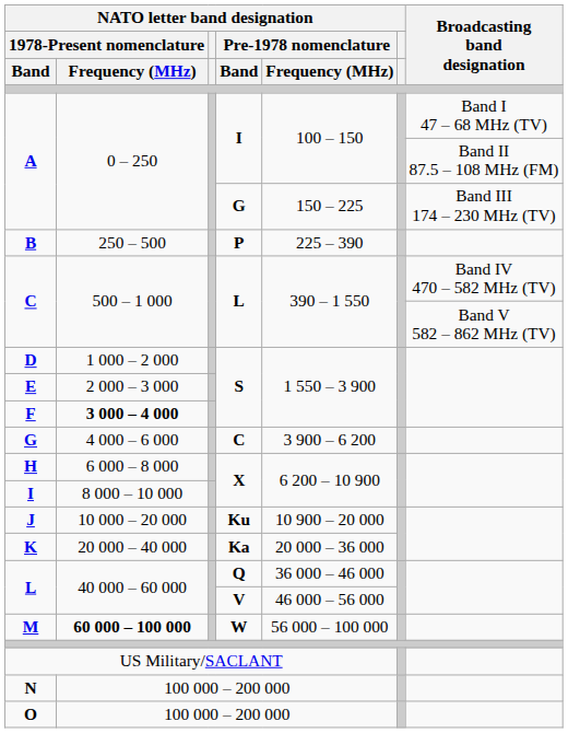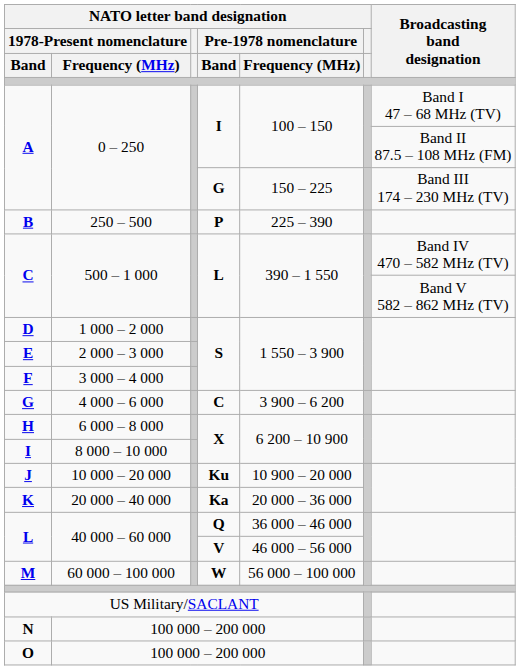 <table class=wikitable>
 <tr>
 <th colspan="6">NATO letter band designation</th>
 <th colspan="2" rowspan="3" align="left">Broadcasting<br>band<br>designation</th>
 </tr>
 <tr align="center">
 <th colspan="2">1978-Present nomenclature</th>
 <th bgcolor="#CCCCCC"></th>
 <th colspan="2">Pre-1978 nomenclature</th>
 <th bgcolor="#CCCCCC"></th>
 </tr>
 <tr align="center">
 <th>Band</th>
 <th>Frequency (<a href='#'>MHz</a>)</th>
 <th bgcolor="#CCCCCC"></th>
 <th>Band</th>
 <th>Frequency (MHz)</th>
 <th bgcolor="#CCCCCC"></th>
 </tr>
 <tr bgcolor="#CCCCCC" align="center">
 <td colspan="7"></td>
 </tr>
 <tr align="center">
 <td rowspan="3"><a href='#'><strong>A</strong></a></td>
 <td rowspan="3">0 – 250</td>
 <td bgcolor="#CCCCCC" rowspan="3"></td>
 <td rowspan="2"><strong>I</strong></td>
 <td rowspan="2">100 – 150</td>
 <td bgcolor="#CCCCCC" rowspan="2"></td>
 <td>Band I<br>47 – 68 MHz (TV)</td>
 </tr>
 <tr align="center">
 <td>Band II<br>87.5 – 108 MHz (FM)</td>
 </tr>
 <tr align="center">
 <td><strong>G</strong></td>
 <td>150 – 225</td>
 <td bgcolor="#CCCCCC"></td>
 <td>Band III<br>174 – 230 MHz (TV)</td>
 </tr>
 <tr align="center">
 <td><a href='#'><strong>B</strong></a></td>
 <td>250 – 500</td>
 <td rowspan="1" bgcolor="#CCCCCC"></td>
 <td><strong>P</strong></td>
 <td>225 – 390</td>
 <td bgcolor="#CCCCCC"></td>
 <td></td>
 </tr>
 <tr align="center">
 <td rowspan="2"><a href='#'><strong>C</strong></a></td>
 <td rowspan="2">500 – 1 000</td>
 <td rowspan="2" bgcolor="#CCCCCC"></td>
 <td rowspan="2"><strong>L</strong></td>
 <td rowspan="2">390 – 1 550</td>
 <td rowspan="2" bgcolor="#CCCCCC"></td>
 <td>Band IV<br>470 – 582 MHz (TV)</td>
 </tr>
 <tr align="center">
 <td>Band V<br>582 – 862 MHz (TV)</td>
 </tr>
 <tr align="center">
 <td><a href='#'><strong>D</strong></a></td>
 <td>1 000 – 2 000</td>
 <td bgcolor="#CCCCCC"></td>
 <td rowspan="3"><strong>S</strong></td>
 <td rowspan="3">1 550 – 3 900</td>
 <td rowspan="3" bgcolor="#CCCCCC"></td>
 <td rowspan="3"></td>
 </tr>
 <tr align="center">
 <td><a href='#'><strong>E</strong></a></td>
 <td>2 000 – 3 000</td>
 <td bgcolor="#CCCCCC"></td>
 </tr>
 <tr align="center">
 <td><a href='#'><strong>F</strong></a></td>
-<td><strong>3 000 – 4 000</strong></td>
+<td>3 000 – 4 000</td>
 <td bgcolor="#CCCCCC"></td>
 </tr>
 <tr align="center">
 <td><a href='#'><strong>G</strong></a></td>
 <td>4 000 – 6 000</td>
 <td bgcolor="#CCCCCC"></td>
 <td><strong>C</strong></td>
 <td>3 900 – 6 200</td>
 <td bgcolor="#CCCCCC"></td>
 <td></td>
 </tr>
 <tr align="center">
 <td><a href='#'><strong>H</strong></a></td>
 <td>6 000 – 8 000</td>
 <td bgcolor="#CCCCCC"></td>
 <td rowspan="2"><strong>X</strong></td>
 <td rowspan="2">6 200 – 10 900</td>
 <td rowspan="2" bgcolor="#CCCCCC"></td>
 <td rowspan="2"></td>
 </tr>
 <tr align="center">
 <td><a href='#'><strong>I</strong></a></td>
 <td>8 000 – 10 000</td>
 <td bgcolor="#CCCCCC"></td>
 </tr>
 <tr align="center">
 <td><a href='#'><strong>J</strong></a></td>
 <td>10 000 – 20 000</td>
 <td bgcolor="#CCCCCC"></td>
 <td><span><strong>Ku</strong></span></td>
 <td>10 900 – 20 000</td>
 <td rowspan="2" bgcolor="#CCCCCC"></td>
 <td rowspan="2"></td>
 </tr>
 <tr align="center">
 <td><a href='#'><strong>K</strong></a></td>
 <td>20 000 – 40 000</td>
 <td bgcolor="#CCCCCC"></td>
 <td><span><strong>Ka</strong></span></td>
 <td>20 000 – 36 000</td>
 </tr>
 <tr align="center">
 <td rowspan="2"><a href='#'><strong>L</strong></a></td>
 <td rowspan="2">40 000 – 60 000</td>
 <td rowspan="2" bgcolor="#CCCCCC"></td>
 <td><strong>Q</strong></td>
 <td>36 000 – 46 000</td>
 <td rowspan="2" bgcolor="#CCCCCC"></td>
 <td rowspan="2"></td>
 </tr>
 <tr align="center">
 <td><strong>V</strong></td>
 <td>46 000 – 56 000</td>
 </tr>
 <tr align="center">
 <td><a href='#'><strong>M</strong></a></td>
-<td><strong>60 000 – 100 000</strong></td>
+<td>60 000 – 100 000</td>
 <td bgcolor="#CCCCCC"></td>
 <td><strong>W</strong></td>
 <td>56 000 – 100 000</td>
 <td bgcolor="#CCCCCC"></td>
 <td></td>
 </tr>
 <tr bgcolor="#CCCCCC" align="center">
 <td colspan="7"></td>
 </tr>
 <tr align="center">
 <td colspan="5">US Military/<a href='#'>SACLANT</a></td>
 <td bgcolor="#CCCCCC"></td>
 </tr>
 <tr align="center">
 <td><strong>N</strong></td>
 <td colspan="4">100 000 – 200 000</td>
 <td bgcolor="#CCCCCC"></td>
 <td></td>
 </tr>
 <tr align="center">
 <td><strong>O</strong></td>
 <td colspan="4">100 000 – 200 000</td>
 <td bgcolor="#CCCCCC"></td>
 <td></td>
 </tr>
 </table>
